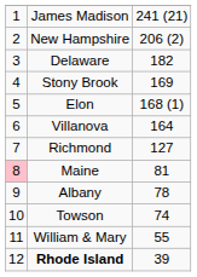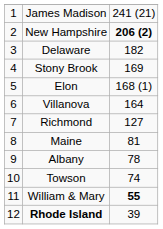 <table class="wikitable">
 <tr align="center">
 </tr>
 <tr align="center">
 <td>1</td>
 <td>James Madison</td>
 <td>241 (21)</td>
 </tr>
 <tr align="center">
 <td>2</td>
 <td>New Hampshire</td>
-<td>206 (2)</td>
+<td><strong>206 (2)</strong></td>
 </tr>
 <tr align="center">
 <td>3</td>
 <td>Delaware</td>
 <td>182</td>
 </tr>
 <tr align="center">
 <td>4</td>
 <td>Stony Brook</td>
 <td>169</td>
 </tr>
 <tr align="center">
 <td>5</td>
 <td>Elon</td>
 <td>168 (1)</td>
 </tr>
 <tr align="center">
 <td>6</td>
 <td>Villanova</td>
 <td>164</td>
 </tr>
 <tr align="center">
 <td>7</td>
 <td>Richmond</td>
 <td>127</td>
 </tr>
 <tr align="center">
-<td style="background: pink;">8</td>
+<td>8</td>
 <td>Maine</td>
 <td>81</td>
 </tr>
 <tr align="center">
 <td>9</td>
 <td>Albany</td>
 <td>78</td>
 </tr>
 <tr align="center">
 <td>10</td>
 <td>Towson</td>
 <td>74</td>
 </tr>
 <tr align="center">
 <td>11</td>
 <td>William & Mary</td>
-<td>55</td>
+<td><strong>55</strong></td>
 </tr>
 <tr align="center">
 <td>12</td>
 <td><strong>Rhode Island</strong></td>
 <td>39</td>
 </tr>
 </table>
